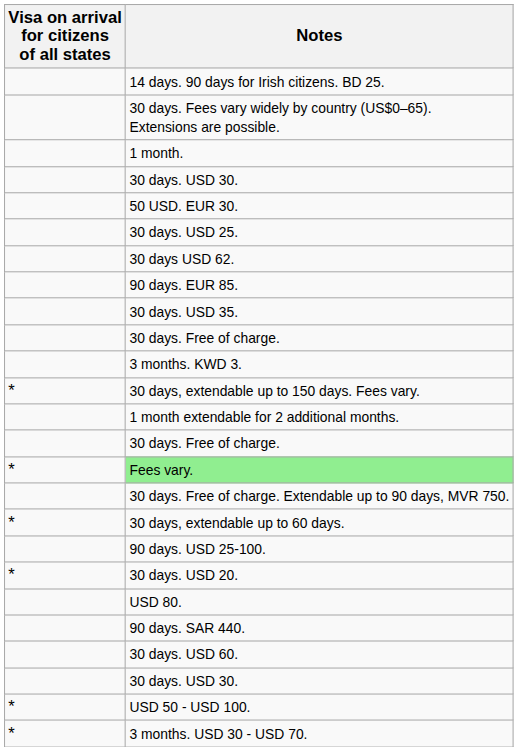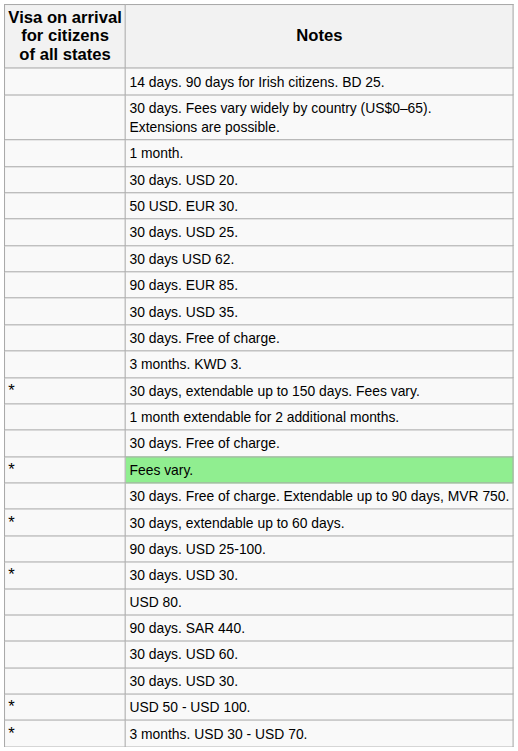 <table class="wikitable">
 <tr>
 <th>Visa on arrival<br>for citizens<br>of all states</th>
 <th>Notes</th>
 </tr>
 <tr>
 <td></td>
 <td><small>14 days. 90 days for Irish citizens. BD 25.</small></td>
 </tr>
 <tr>
 <td></td>
 <td><small>30 days. Fees vary widely by country (US$0–65).<br>Extensions are possible.</small></td>
 </tr>
 <tr>
 <td></td>
 <td><small>1 month.</small></td>
 </tr>
 <tr>
 <td></td>
-<td><small>30 days. USD 30.</small></td>
+<td><small>30 days. USD 20.</small></td>
 </tr>
 <tr>
 <td></td>
 <td><small>50 USD. EUR 30.</small></td>
 </tr>
 <tr>
 <td></td>
 <td><small>30 days. USD 25.</small></td>
 </tr>
 <tr>
 <td></td>
 <td><small>30 days USD 62.</small></td>
 </tr>
 <tr>
 <td></td>
 <td><small>90 days. EUR 85.</small></td>
 </tr>
 <tr>
 <td></td>
 <td><small>30 days. USD 35.</small></td>
 </tr>
 <tr>
 <td></td>
 <td><small>30 days. Free of charge.</small></td>
 </tr>
 <tr>
 <td></td>
 <td><small>3 months. KWD 3.</small></td>
 </tr>
 <tr>
 <td>*</td>
 <td><small>30 days, extendable up to 150 days. Fees vary.</small></td>
 </tr>
 <tr>
 <td></td>
 <td><small>1 month extendable for 2 additional months.</small></td>
 </tr>
 <tr>
 <td></td>
 <td><small>30 days. Free of charge.</small></td>
 </tr>
 <tr>
 <td>*</td>
 <td style="background: lightgreen;"><small>Fees vary.</small></td>
 </tr>
 <tr>
 <td></td>
 <td><small>30 days. Free of charge. Extendable up to 90 days, MVR 750.</small></td>
 </tr>
 <tr>
 <td>*</td>
 <td><small>30 days, extendable up to 60 days.</small></td>
 </tr>
 <tr>
 <td></td>
 <td><small>90 days. USD 25-100.</small></td>
 </tr>
 <tr>
 <td>*</td>
-<td><small>30 days. USD 20.</small></td>
+<td><small>30 days. USD 30.</small></td>
 </tr>
 <tr>
 <td></td>
 <td><small>USD 80.</small></td>
 </tr>
 <tr>
 <td></td>
 <td><small>90 days. SAR 440.</small></td>
 </tr>
 <tr>
 <td></td>
 <td><small>30 days. USD 60.</small></td>
 </tr>
 <tr>
 <td></td>
 <td><small>30 days. USD 30.</small></td>
 </tr>
 <tr>
 <td>*</td>
 <td><small>USD 50 - USD 100.</small></td>
 </tr>
 <tr>
 <td>*</td>
 <td><small>3 months. USD 30 - USD 70.</small></td>
 </tr>
 </table>
